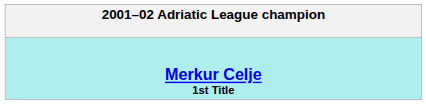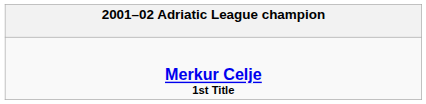 <table class="wikitable" style="margin: 0 auto; width: 30%;">
 <tr>
 <th><big>2001–02 Adriatic League champion</big><br><br></th>
 </tr>
 <tr>
-<td align=center style="background: paleturquoise;"><br><br><big><big><strong><a href='#'>Merkur Celje</a></strong><br></big></big><strong>1st Title</strong></td>
+<td align=center><br><br><big><big><strong><a href='#'>Merkur Celje</a></strong><br></big></big><strong>1st Title</strong></td>
 </tr>
 </table>
